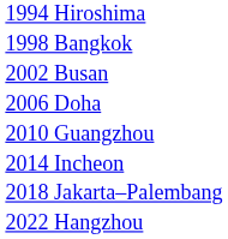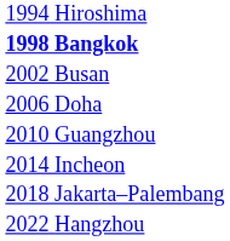 <table>
 <tr>
 <td><a href='#'>1994 Hiroshima</a></td>
 <td></td>
 <td></td>
 <td></td>
 </tr>
 <tr>
-<td><a href='#'>1998 Bangkok</a></td>
+<td><strong><a href='#'>1998 Bangkok</a></strong></td>
 <td></td>
 <td></td>
 <td></td>
 </tr>
 <tr>
 <td rowspan=2><a href='#'>2002 Busan</a></td>
 <td rowspan=2></td>
 <td rowspan=2></td>
 <td></td>
 </tr>
 <tr>
 <td></td>
 </tr>
 <tr>
 <td rowspan=2><a href='#'>2006 Doha</a></td>
 <td rowspan=2></td>
 <td rowspan=2></td>
 <td></td>
 </tr>
 <tr>
 <td></td>
 </tr>
 <tr>
 <td rowspan=2><a href='#'>2010 Guangzhou</a></td>
 <td rowspan=2></td>
 <td rowspan=2></td>
 <td></td>
 </tr>
 <tr>
 <td></td>
 </tr>
 <tr>
 <td rowspan=2><a href='#'>2014 Incheon</a></td>
 <td rowspan=2></td>
 <td rowspan=2></td>
 <td></td>
 </tr>
 <tr>
 <td></td>
 </tr>
 <tr>
 <td rowspan=2><a href='#'>2018 Jakarta–Palembang</a></td>
 <td rowspan=2></td>
 <td rowspan=2></td>
 <td></td>
 </tr>
 <tr>
 <td></td>
 </tr>
 <tr>
 <td rowspan=2><a href='#'>2022 Hangzhou</a></td>
 <td rowspan=2></td>
 <td rowspan=2></td>
 <td></td>
 </tr>
 <tr>
 <td></td>
 </tr>
 </table>
